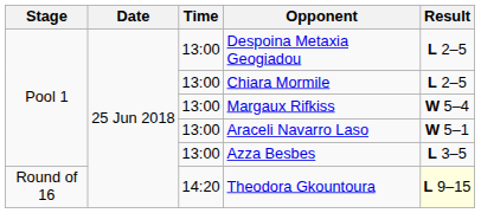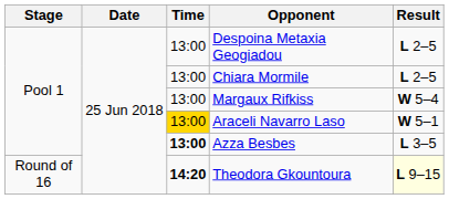 <table class=wikitable>
 <tr>
 <th width=80>Stage</th>
 <th>Date</th>
 <th>Time</th>
 <th width=200>Opponent</th>
 <th width=50>Result</th>
 </tr>
 <tr align=center>
 <td rowspan=5>Pool 1</td>
 <td rowspan=6>25 Jun 2018</td>
 <td>13:00</td>
 <td align=left> <a href='#'>Despoina Metaxia Geogiadou</a></td>
 <td><strong>L</strong> 2–5</td>
 </tr>
 <tr align=center>
 <td>13:00</td>
 <td align=left> <a href='#'>Chiara Mormile</a></td>
 <td><strong>L</strong> 2–5</td>
 </tr>
 <tr align=center>
 <td>13:00</td>
 <td align=left> <a href='#'>Margaux Rifkiss</a></td>
 <td><strong>W</strong> 5–4</td>
 </tr>
 <tr align=center>
-<td>13:00</td>
+<td style="background: gold;">13:00</td>
 <td align=left> <a href='#'>Araceli Navarro Laso</a></td>
 <td><strong>W</strong> 5–1</td>
 </tr>
 <tr align=center>
-<td>13:00</td>
+<td><strong>13:00</strong></td>
 <td align=left> <a href='#'>Azza Besbes</a></td>
 <td><strong>L</strong> 3–5</td>
 </tr>
 <tr align=center>
 <td>Round of 16</td>
-<td>14:20</td>
+<td><strong>14:20</strong></td>
 <td align=left> <a href='#'>Theodora Gkountoura</a></td>
 <td style="background: lightyellow;"><strong>L</strong> 9–15</td>
 </tr>
 </table>
